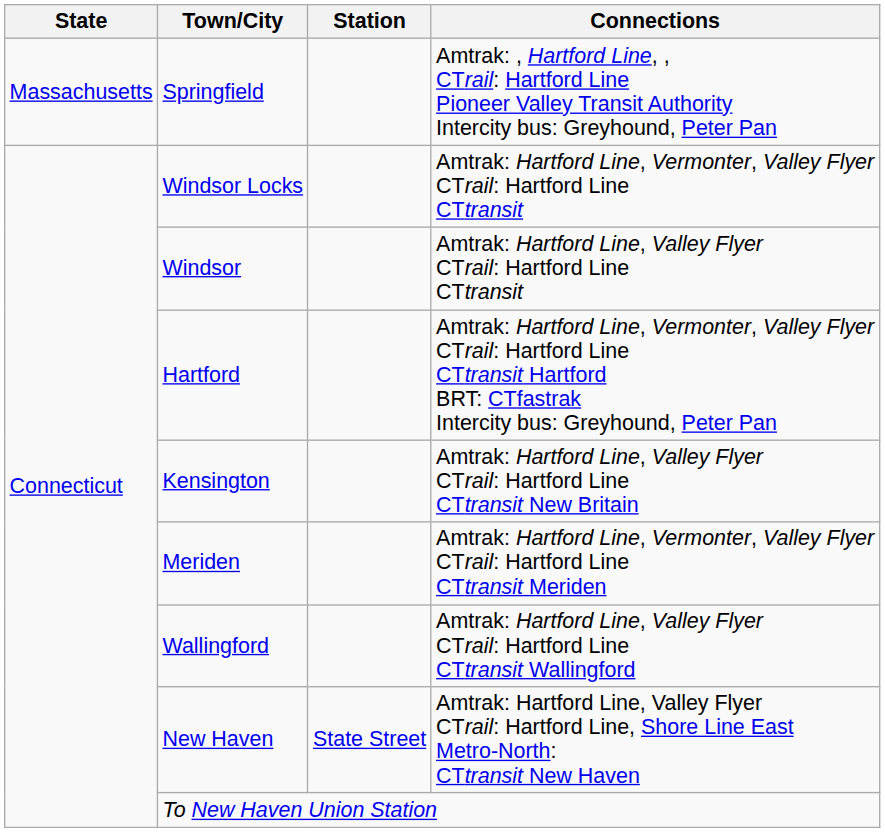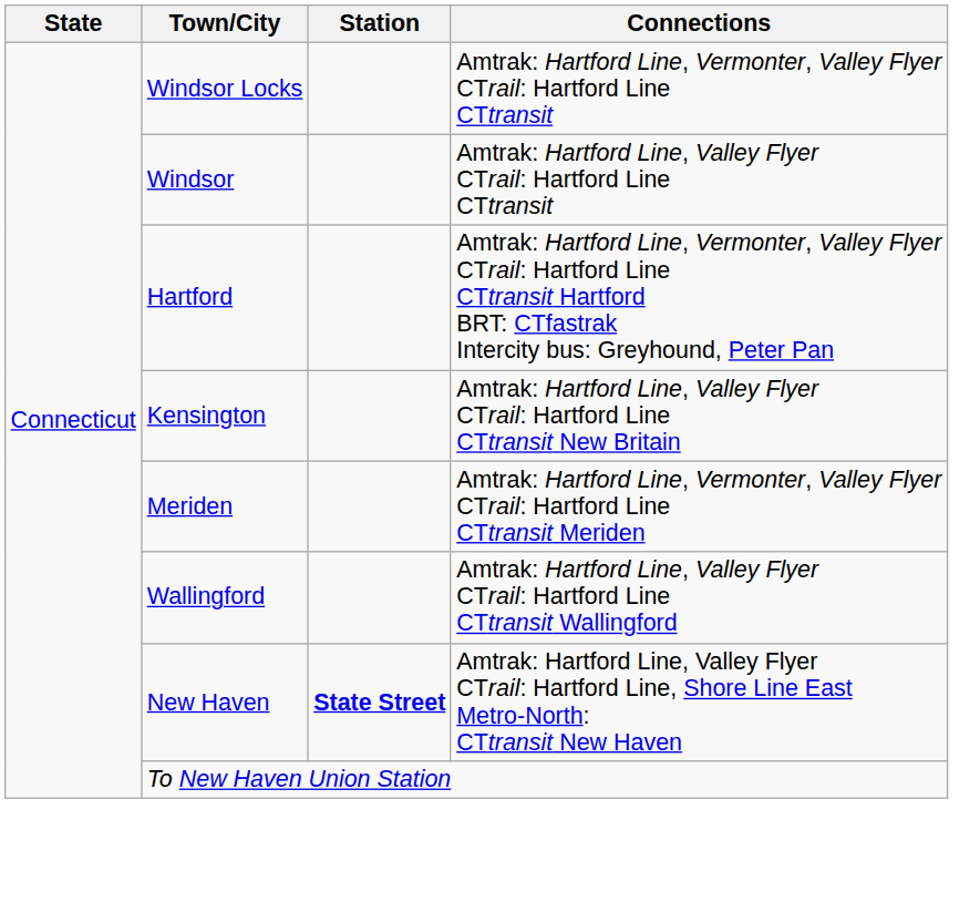 <table class="wikitable">
 <tr>
 <th>State</th>
 <th>Town/City</th>
 <th>Station</th>
 <th>Connections</th>
-</tr>
-<tr>
-<td><a href='#'>Massachusetts</a></td>
-<td><a href='#'>Springfield</a></td>
-<td></td>
-<td> Amtrak: , <a href='#'><em>Hartford Line</em></a>, , <br> <a href='#'>CT<em>rail</em></a>: <a href='#'>Hartford Line</a><br> <a href='#'>Pioneer Valley Transit Authority</a><br> Intercity bus:  Greyhound, <a href='#'>Peter Pan</a></td>
 </tr>
 <tr>
 <td rowspan=8><a href='#'>Connecticut</a></td>
 <td><a href='#'>Windsor Locks</a></td>
 <td></td>
 <td> Amtrak: <em>Hartford Line</em>, <em>Vermonter</em>, <em>Valley Flyer</em><br> CT<em>rail</em>: Hartford Line<br> <a href='#'>CT<em>transit</em></a></td>
 </tr>
 <tr>
 <td><a href='#'>Windsor</a></td>
 <td></td>
 <td> Amtrak: <em>Hartford Line</em>, <em>Valley Flyer</em><br> CT<em>rail</em>: Hartford Line<br> CT<em>transit</em></td>
 </tr>
 <tr>
 <td><a href='#'>Hartford</a></td>
 <td></td>
 <td> Amtrak: <em>Hartford Line</em>, <em>Vermonter</em>, <em>Valley Flyer</em><br> CT<em>rail</em>: Hartford Line<br> <a href='#'>CT<em>transit</em> Hartford</a><br> BRT:  <a href='#'>CTfastrak</a><br> Intercity bus:  Greyhound, <a href='#'>Peter Pan</a></td>
 </tr>
 <tr>
 <td><a href='#'>Kensington</a></td>
 <td></td>
 <td> Amtrak: <em>Hartford Line</em>, <em>Valley Flyer</em><br> CT<em>rail</em>: Hartford Line<br> <a href='#'>CT<em>transit</em> New Britain</a></td>
 </tr>
 <tr>
 <td><a href='#'>Meriden</a></td>
 <td></td>
 <td> Amtrak: <em>Hartford Line</em>, <em>Vermonter</em>, <em>Valley Flyer</em><br> CT<em>rail</em>: Hartford Line<br> <a href='#'>CT<em>transit</em> Meriden</a></td>
 </tr>
 <tr>
 <td><a href='#'>Wallingford</a></td>
 <td></td>
 <td> Amtrak: <em>Hartford Line</em>, <em>Valley Flyer</em><br> CT<em>rail</em>: Hartford Line<br> <a href='#'>CT<em>transit</em> Wallingford</a></td>
 </tr>
 <tr>
 <td><a href='#'>New Haven</a></td>
-<td><a href='#'>State Street</a></td>
+<td><strong><a href='#'>State Street</a></strong></td>
 <td> Amtrak: Hartford Line, Valley Flyer<br> CT<em>rail</em>: Hartford Line, <a href='#'>Shore Line East</a><br> <a href='#'>Metro-North</a>: <br> <a href='#'>CT<em>transit</em> New Haven</a></td>
 </tr>
 <tr>
 <td colspan="3"><em>To <a href='#'>New Haven Union Station</a></em></td>
 </tr>
 </table>
